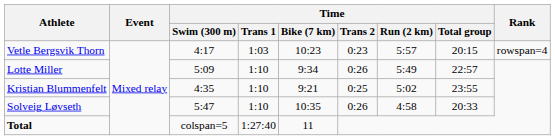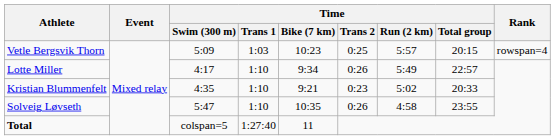 <table class="wikitable" style="font-size:90%;text-align:center;">
 <tr>
 <th rowspan=2>Athlete</th>
 <th rowspan=2>Event</th>
 <th colspan=6>Time</th>
 <th rowspan=2>Rank</th>
 </tr>
 <tr style="font-size:95%">
 <th>Swim (300 m)</th>
 <th>Trans 1</th>
 <th>Bike (7 km)</th>
 <th>Trans 2</th>
 <th>Run (2 km)</th>
 <th>Total group</th>
 </tr>
 <tr>
 <td align=left><a href='#'>Vetle Bergsvik Thorn</a></td>
 <td align=left rowspan=5><a href='#'>Mixed relay</a></td>
-<td>4:17</td>
+<td>5:09</td>
 <td>1:03</td>
 <td>10:23</td>
-<td>0:23</td>
+<td>0:25</td>
 <td>5:57</td>
 <td>20:15</td>
 <td>rowspan=4 </td>
 </tr>
 <tr>
 <td align=left><a href='#'>Lotte Miller</a></td>
-<td>5:09</td>
+<td>4:17</td>
 <td>1:10</td>
 <td>9:34</td>
 <td>0:26</td>
 <td>5:49</td>
 <td>22:57</td>
 </tr>
 <tr>
 <td align=left><a href='#'>Kristian Blummenfelt</a></td>
 <td>4:35</td>
 <td>1:10</td>
 <td>9:21</td>
-<td>0:25</td>
+<td>0:23</td>
 <td>5:02</td>
-<td>23:55</td>
+<td>20:33</td>
 </tr>
 <tr>
 <td align=left><a href='#'>Solveig Løvseth</a></td>
 <td>5:47</td>
 <td>1:10</td>
 <td>10:35</td>
 <td>0:26</td>
 <td>4:58</td>
-<td>20:33</td>
+<td>23:55</td>
 </tr>
 <tr align=center>
 <td align=left><strong>Total</strong></td>
 <td>colspan=5 </td>
 <td>1:27:40</td>
 <td>11</td>
 </tr>
 </table>
